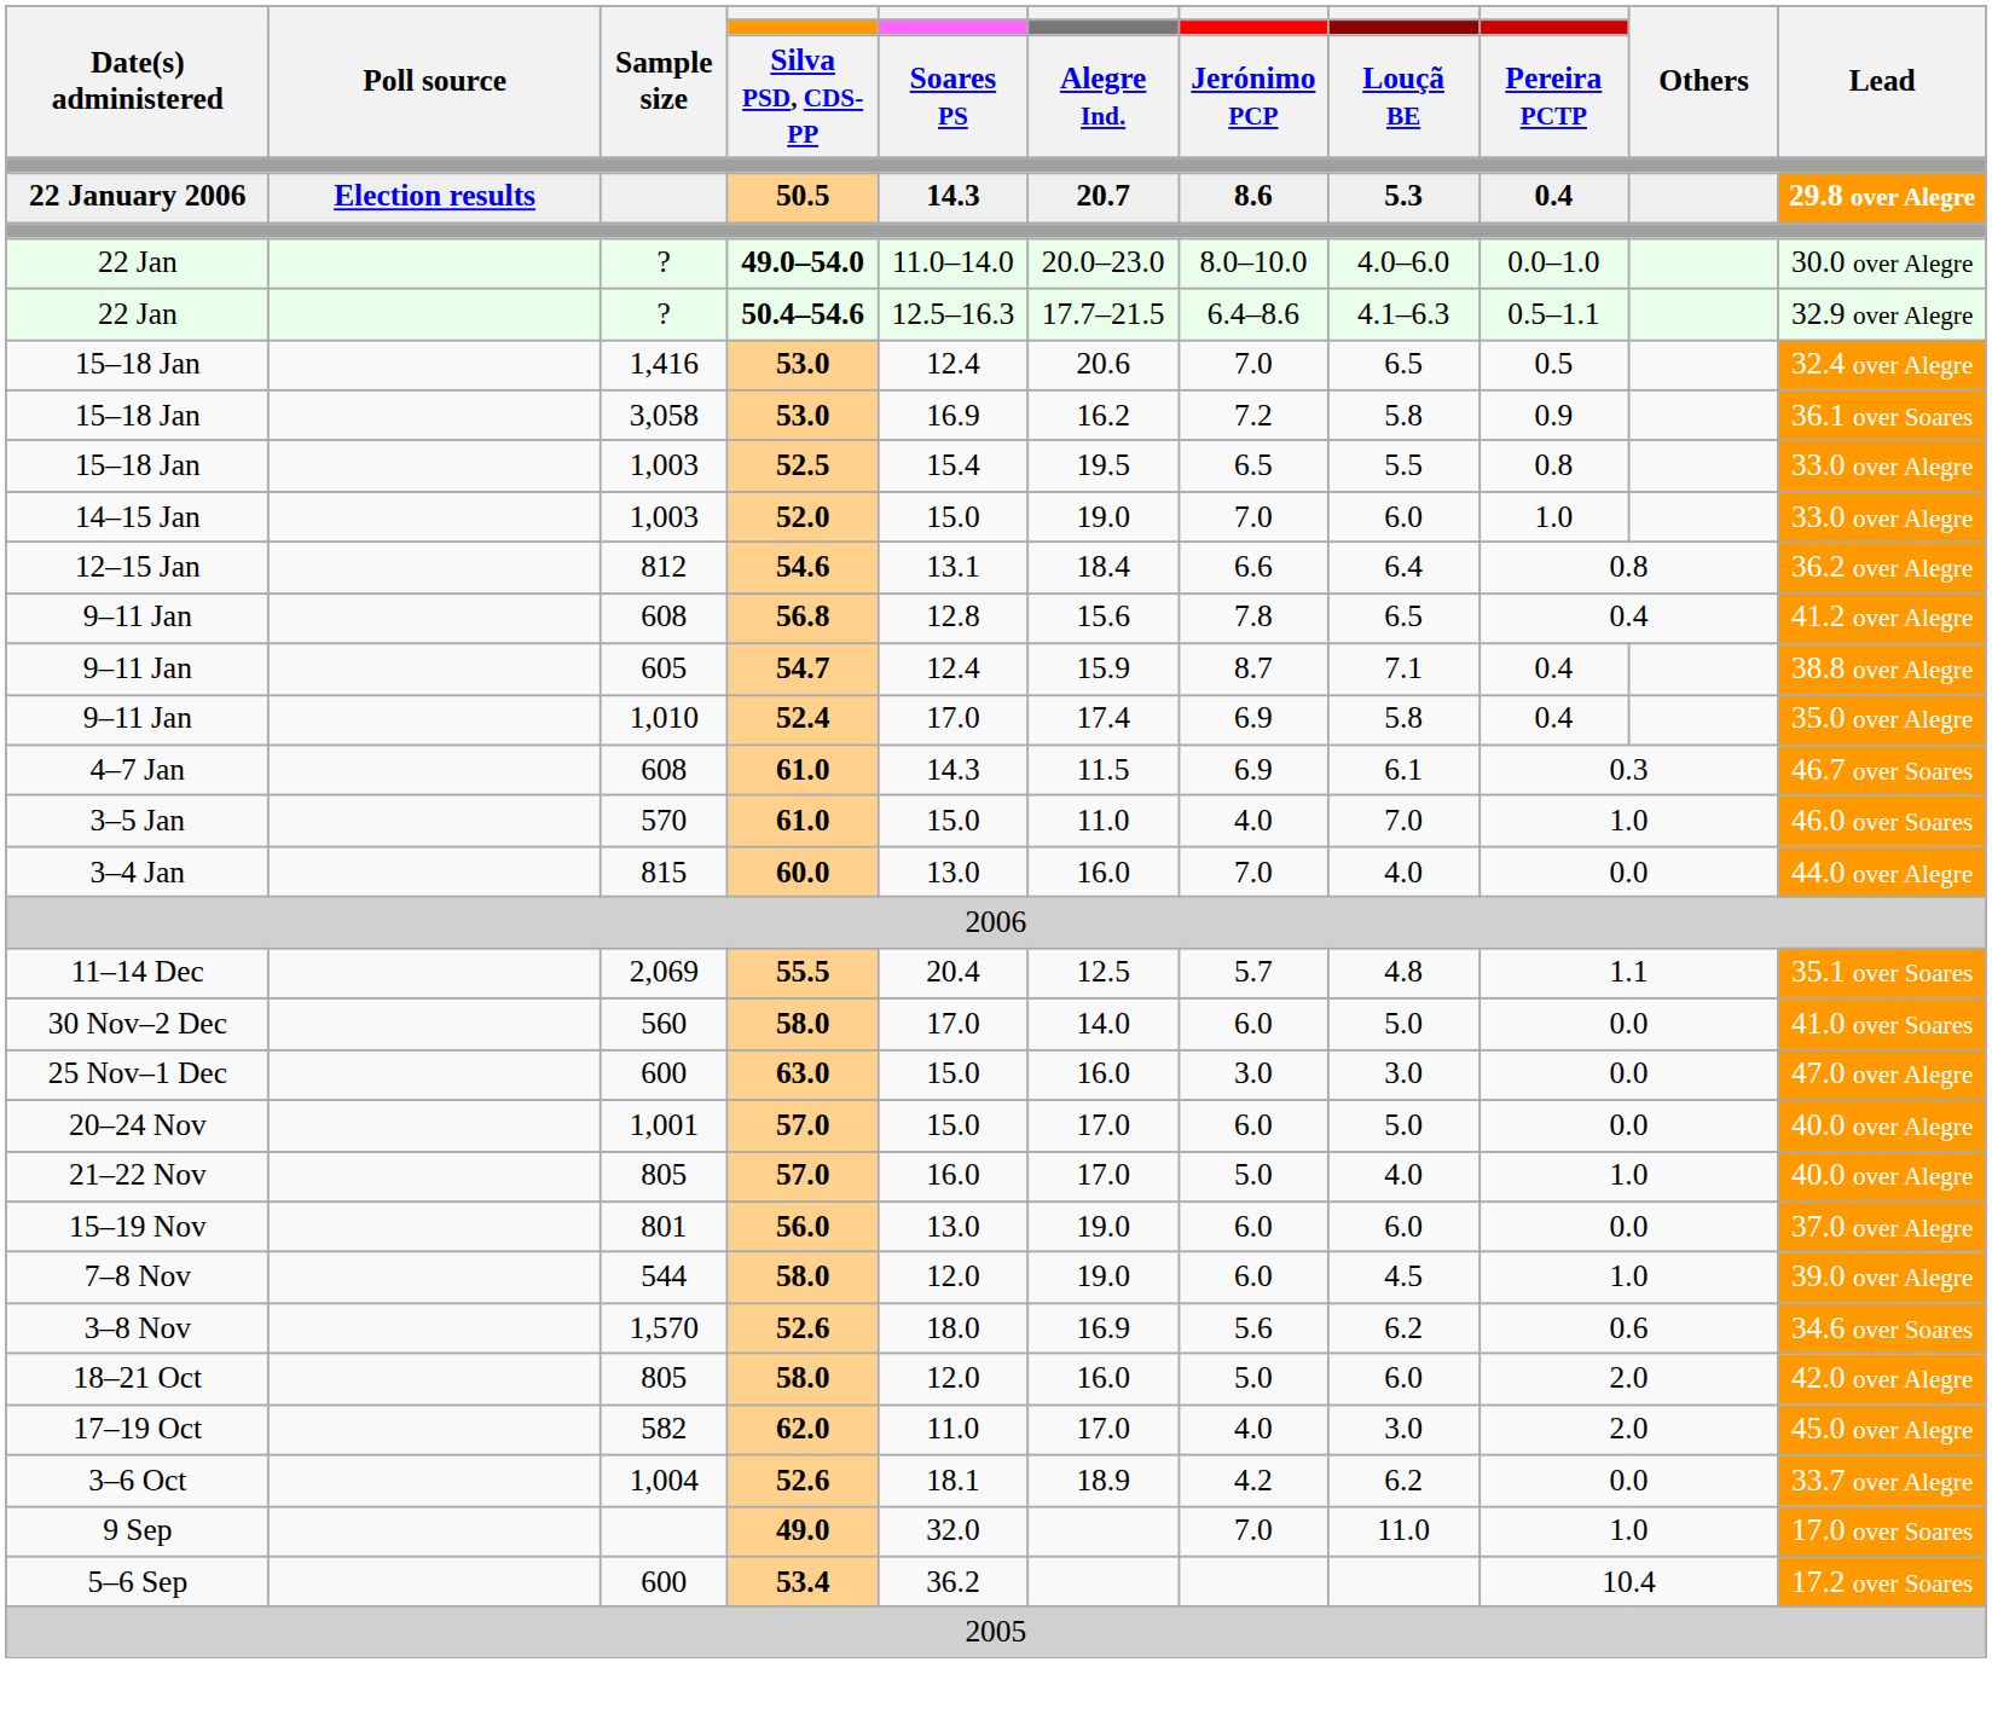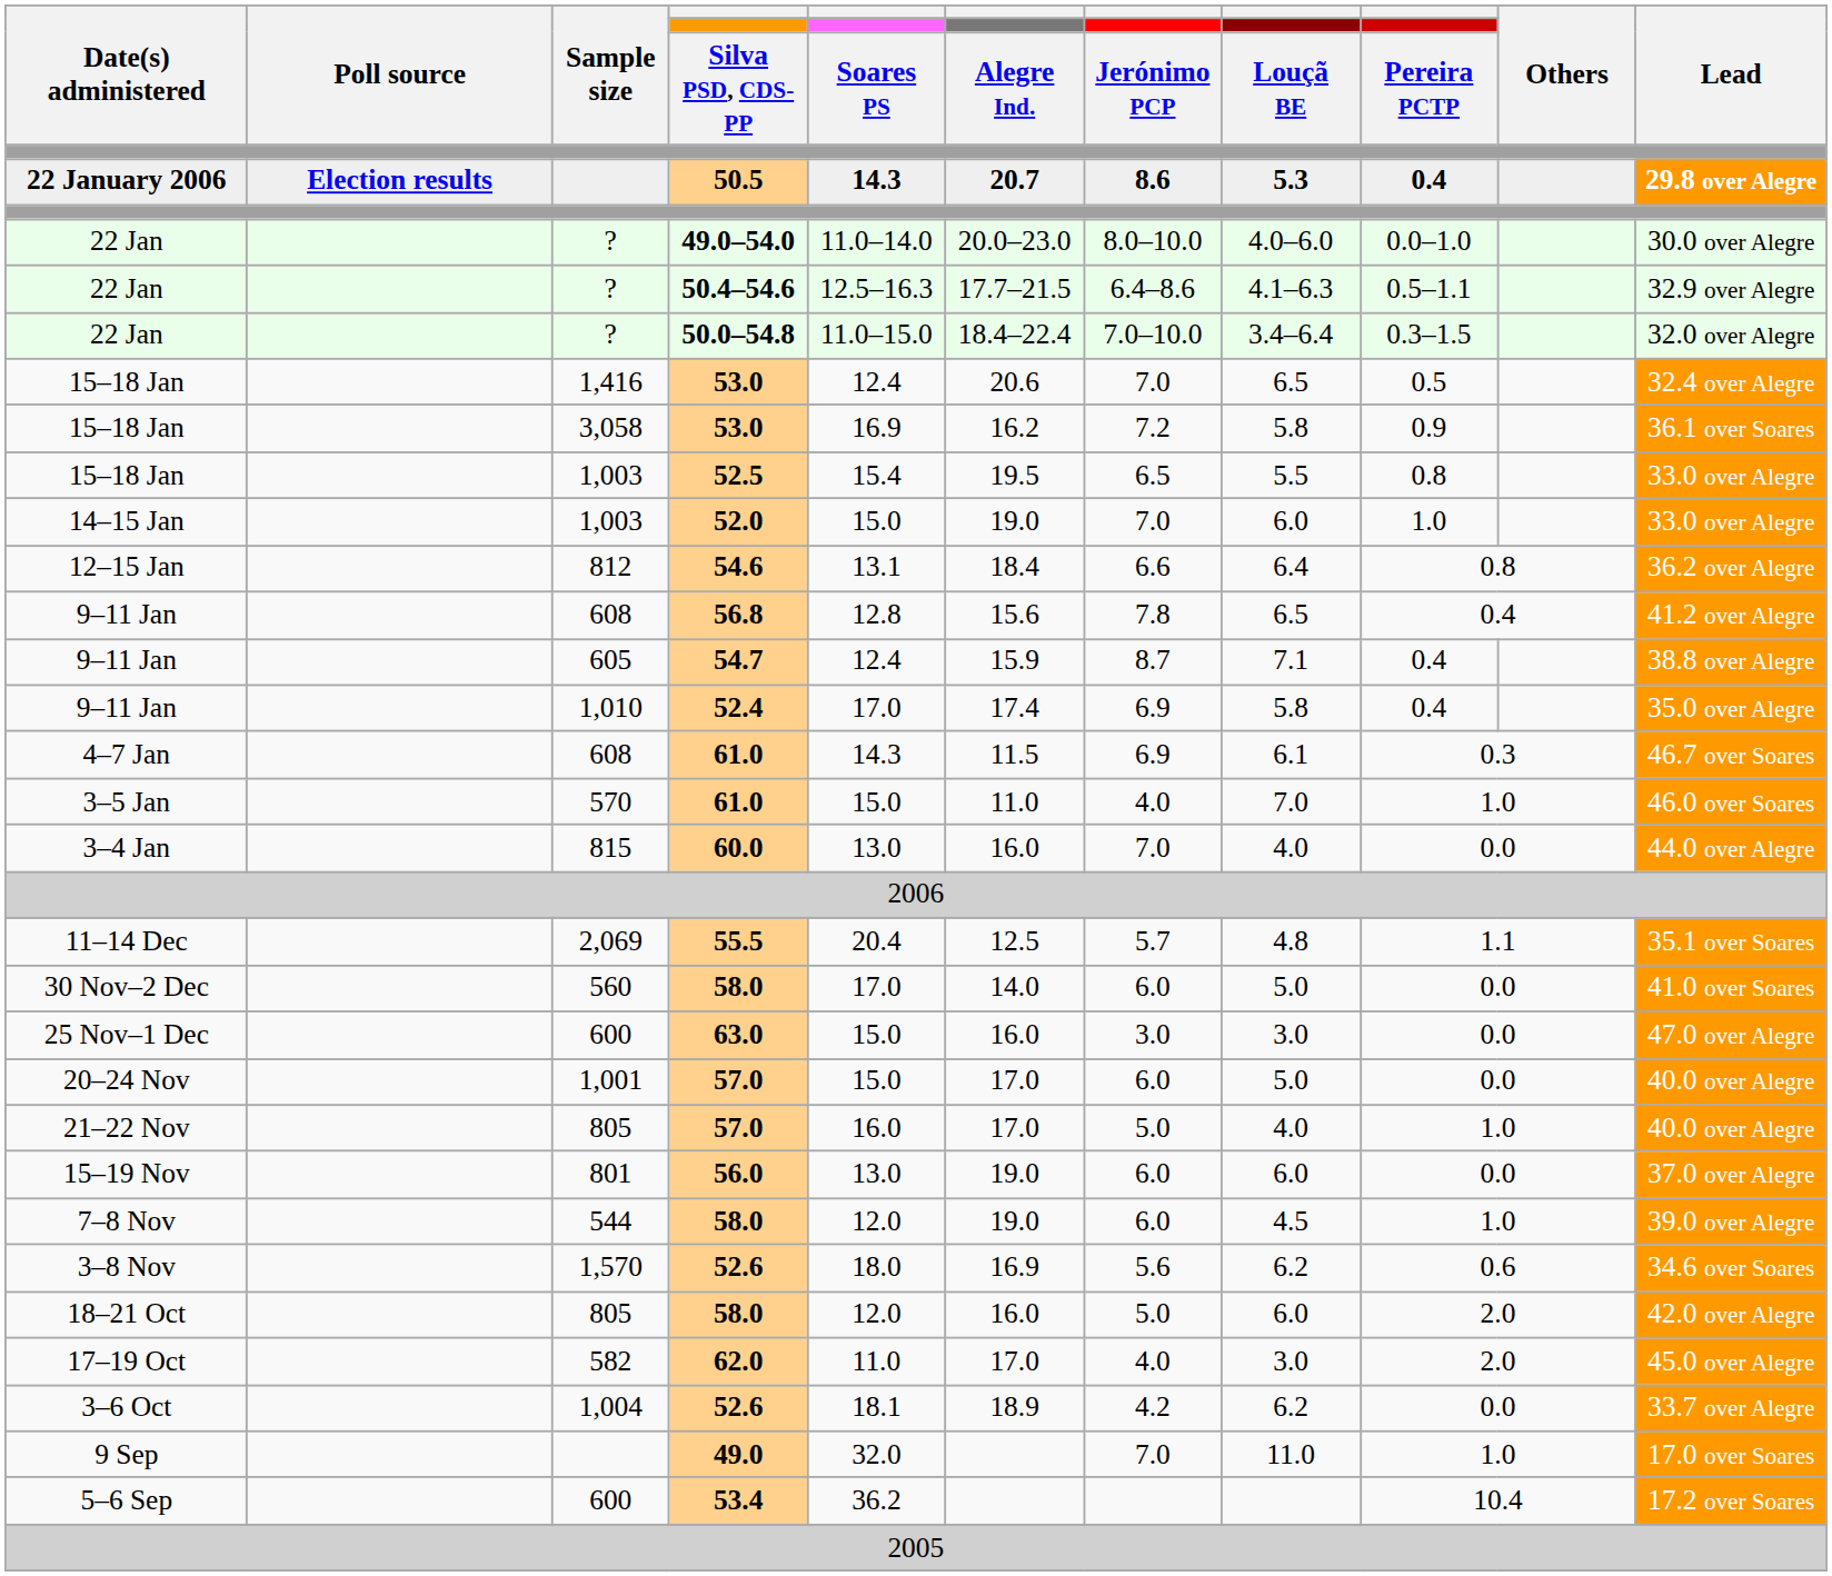 <table class="wikitable" style="text-align:center; font-size:85%; line-height:16px; margin-bottom:0">
 <tr bgcolor=lightgray>
 <th rowspan=3 width=110px>Date(s)<br>administered</th>
 <th rowspan=3 width=140px>Poll source</th>
 <th rowspan=3 width=50px>Sample size</th>
 <th width=60px></th>
 <th width=60px></th>
 <th width=60px></th>
 <th width=60px></th>
 <th width=60px></th>
 <th width=60px></th>
 <th rowspan=3 width=60px>Others</th>
 <th rowspan=3 width=85px>Lead</th>
 </tr>
 <tr>
 <td bgcolor=#FF9900></td>
 <td bgcolor=#FF66FF></td>
 <td bgcolor=#777777></td>
 <td bgcolor=red></td>
 <td bgcolor=#8B0000></td>
 <td bgcolor=#CC0000></td>
 </tr>
 <tr>
 <th><a href='#'>Silva</a><br><small><a href='#'>PSD</a>, <a href='#'>CDS-PP</a></small></th>
 <th><a href='#'>Soares</a><br><small><a href='#'>PS</a></small></th>
 <th><a href='#'>Alegre</a><br><small><a href='#'>Ind.</a></small></th>
 <th><a href='#'>Jerónimo</a><br><small><a href='#'>PCP</a></small></th>
 <th><a href='#'>Louçã</a><br><small><a href='#'>BE</a></small></th>
 <th><a href='#'>Pereira</a><br><small><a href='#'>PCTP</a></small></th>
 </tr>
 <tr>
 <td colspan="11" style="background:#A0A0A0"></td>
 </tr>
 <tr style="background:#EFEFEF; font-weight:bold;">
 <td>22 January 2006</td>
 <td><a href='#'>Election results</a></td>
 <td></td>
 <td style="background:#FFD18D">50.5</td>
 <td>14.3</td>
 <td>20.7</td>
 <td>8.6</td>
 <td>5.3</td>
 <td>0.4</td>
 <td></td>
 <td style="background:#FF9900; color:white">29.8 <small>over Alegre</small></td>
 </tr>
 <tr>
 <td colspan="11" style="background:#A0A0A0"></td>
 </tr>
 <tr style="background:#EAFFEA">
 <td>22 Jan</td>
 <td></td>
 <td>?</td>
 <td><strong>49.0–54.0</strong></td>
 <td>11.0–14.0</td>
 <td>20.0–23.0</td>
 <td>8.0–10.0</td>
 <td>4.0–6.0</td>
 <td>0.0–1.0</td>
 <td></td>
 <td style="background:">30.0 <small>over Alegre</small></td>
 </tr>
 <tr style="background:#EAFFEA">
 <td>22 Jan</td>
 <td></td>
 <td>?</td>
 <td><strong>50.4–54.6</strong></td>
 <td>12.5–16.3</td>
 <td>17.7–21.5</td>
 <td>6.4–8.6</td>
 <td>4.1–6.3</td>
 <td>0.5–1.1</td>
 <td></td>
 <td style="background:">32.9 <small>over Alegre</small></td>
+</tr>
+<tr style="background:#EAFFEA">
+<td>22 Jan</td>
+<td></td>
+<td>?</td>
+<td><strong>50.0–54.8</strong></td>
+<td>11.0–15.0</td>
+<td>18.4–22.4</td>
+<td>7.0–10.0</td>
+<td>3.4–6.4</td>
+<td>0.3–1.5</td>
+<td></td>
+<td style="background:">32.0 <small>over Alegre</small></td>
 </tr>
 <tr>
 <td>15–18 Jan</td>
 <td></td>
 <td>1,416</td>
 <td style="background:#FFD18D"><strong>53.0</strong></td>
 <td>12.4</td>
 <td>20.6</td>
 <td>7.0</td>
 <td>6.5</td>
 <td>0.5</td>
 <td></td>
 <td style="background:#FF9900; color:white">32.4 <small>over Alegre</small></td>
 </tr>
 <tr>
 <td>15–18 Jan</td>
 <td></td>
 <td>3,058</td>
 <td style="background:#FFD18D"><strong>53.0</strong></td>
 <td>16.9</td>
 <td>16.2</td>
 <td>7.2</td>
 <td>5.8</td>
 <td>0.9</td>
 <td></td>
 <td style="background:#FF9900; color:white">36.1 <small>over Soares</small></td>
 </tr>
 <tr>
 <td>15–18 Jan</td>
 <td></td>
 <td>1,003</td>
 <td style="background:#FFD18D"><strong>52.5</strong></td>
 <td>15.4</td>
 <td>19.5</td>
 <td>6.5</td>
 <td>5.5</td>
 <td>0.8</td>
 <td></td>
 <td style="background:#FF9900; color:white">33.0 <small>over Alegre</small></td>
 </tr>
 <tr>
 <td>14–15 Jan</td>
 <td></td>
 <td>1,003</td>
 <td style="background:#FFD18D"><strong>52.0</strong></td>
 <td>15.0</td>
 <td>19.0</td>
 <td>7.0</td>
 <td>6.0</td>
 <td>1.0</td>
 <td></td>
 <td style="background:#FF9900; color:white">33.0 <small>over Alegre</small></td>
 </tr>
 <tr>
 <td>12–15 Jan</td>
 <td></td>
 <td>812</td>
 <td style="background:#FFD18D"><strong>54.6</strong></td>
 <td>13.1</td>
 <td>18.4</td>
 <td>6.6</td>
 <td>6.4</td>
 <td colspan="2">0.8</td>
 <td style="background:#FF9900; color:white">36.2 <small>over Alegre</small></td>
 </tr>
 <tr>
 <td>9–11 Jan</td>
 <td></td>
 <td>608</td>
 <td style="background:#FFD18D"><strong>56.8</strong></td>
 <td>12.8</td>
 <td>15.6</td>
 <td>7.8</td>
 <td>6.5</td>
 <td colspan="2">0.4</td>
 <td style="background:#FF9900; color:white">41.2 <small>over Alegre</small></td>
 </tr>
 <tr>
 <td>9–11 Jan</td>
 <td></td>
 <td>605</td>
 <td style="background:#FFD18D"><strong>54.7</strong></td>
 <td>12.4</td>
 <td>15.9</td>
 <td>8.7</td>
 <td>7.1</td>
 <td>0.4</td>
 <td></td>
 <td style="background:#FF9900; color:white">38.8 <small>over Alegre</small></td>
 </tr>
 <tr>
 <td>9–11 Jan</td>
 <td></td>
 <td>1,010</td>
 <td style="background:#FFD18D"><strong>52.4</strong></td>
 <td>17.0</td>
 <td>17.4</td>
 <td>6.9</td>
 <td>5.8</td>
 <td>0.4</td>
 <td></td>
 <td style="background:#FF9900; color:white">35.0 <small>over Alegre</small></td>
 </tr>
 <tr>
 <td>4–7 Jan</td>
 <td></td>
 <td>608</td>
 <td style="background:#FFD18D"><strong>61.0</strong></td>
 <td>14.3</td>
 <td>11.5</td>
 <td>6.9</td>
 <td>6.1</td>
 <td colspan="2">0.3</td>
 <td style="background:#FF9900; color:white">46.7 <small>over Soares</small></td>
 </tr>
 <tr>
 <td>3–5 Jan</td>
 <td></td>
 <td>570</td>
 <td style="background:#FFD18D"><strong>61.0</strong></td>
 <td>15.0</td>
 <td>11.0</td>
 <td>4.0</td>
 <td>7.0</td>
 <td colspan="2">1.0</td>
 <td style="background:#FF9900; color:white">46.0 <small>over Soares</small></td>
 </tr>
 <tr>
 <td>3–4 Jan</td>
 <td></td>
 <td>815</td>
 <td style="background:#FFD18D"><strong>60.0</strong></td>
 <td>13.0</td>
 <td>16.0</td>
 <td>7.0</td>
 <td>4.0</td>
 <td colspan="2">0.0</td>
 <td style="background:#FF9900; color:white">44.0 <small>over Alegre</small></td>
 </tr>
 <tr>
 <td colspan="11" style="background:#D0D0D0; color:black">2006</td>
 </tr>
 <tr>
 <td>11–14 Dec</td>
 <td></td>
 <td>2,069</td>
 <td style="background:#FFD18D"><strong>55.5</strong></td>
 <td>20.4</td>
 <td>12.5</td>
 <td>5.7</td>
 <td>4.8</td>
 <td colspan="2">1.1</td>
 <td style="background:#FF9900; color:white">35.1 <small>over Soares</small></td>
 </tr>
 <tr>
 <td>30 Nov–2 Dec</td>
 <td></td>
 <td>560</td>
 <td style="background:#FFD18D"><strong>58.0</strong></td>
 <td>17.0</td>
 <td>14.0</td>
 <td>6.0</td>
 <td>5.0</td>
 <td colspan="2">0.0</td>
 <td style="background:#FF9900; color:white">41.0 <small>over Soares</small></td>
 </tr>
 <tr>
 <td>25 Nov–1 Dec</td>
 <td></td>
 <td>600</td>
 <td style="background:#FFD18D"><strong>63.0</strong></td>
 <td>15.0</td>
 <td>16.0</td>
 <td>3.0</td>
 <td>3.0</td>
 <td colspan="2">0.0</td>
 <td style="background:#FF9900; color:white">47.0 <small>over Alegre</small></td>
 </tr>
 <tr>
 <td>20–24 Nov</td>
 <td></td>
 <td>1,001</td>
 <td style="background:#FFD18D"><strong>57.0</strong></td>
 <td>15.0</td>
 <td>17.0</td>
 <td>6.0</td>
 <td>5.0</td>
 <td colspan="2">0.0</td>
 <td style="background:#FF9900; color:white">40.0 <small>over Alegre</small></td>
 </tr>
 <tr>
 <td>21–22 Nov</td>
 <td></td>
 <td>805</td>
 <td style="background:#FFD18D"><strong>57.0</strong></td>
 <td>16.0</td>
 <td>17.0</td>
 <td>5.0</td>
 <td>4.0</td>
 <td colspan="2">1.0</td>
 <td style="background:#FF9900; color:white">40.0 <small>over Alegre</small></td>
 </tr>
 <tr>
 <td>15–19 Nov</td>
 <td></td>
 <td>801</td>
 <td style="background:#FFD18D"><strong>56.0</strong></td>
 <td>13.0</td>
 <td>19.0</td>
 <td>6.0</td>
 <td>6.0</td>
 <td colspan="2">0.0</td>
 <td style="background:#FF9900; color:white">37.0 <small>over Alegre</small></td>
 </tr>
 <tr>
 <td>7–8 Nov</td>
 <td></td>
 <td>544</td>
 <td style="background:#FFD18D"><strong>58.0</strong></td>
 <td>12.0</td>
 <td>19.0</td>
 <td>6.0</td>
 <td>4.5</td>
 <td colspan="2">1.0</td>
 <td style="background:#FF9900; color:white">39.0 <small>over Alegre</small></td>
 </tr>
 <tr>
 <td>3–8 Nov</td>
 <td></td>
 <td>1,570</td>
 <td style="background:#FFD18D"><strong>52.6</strong></td>
 <td>18.0</td>
 <td>16.9</td>
 <td>5.6</td>
 <td>6.2</td>
 <td colspan="2">0.6</td>
 <td style="background:#FF9900; color:white">34.6 <small>over Soares</small></td>
 </tr>
 <tr>
 <td>18–21 Oct</td>
 <td></td>
 <td>805</td>
 <td style="background:#FFD18D"><strong>58.0</strong></td>
 <td>12.0</td>
 <td>16.0</td>
 <td>5.0</td>
 <td>6.0</td>
 <td colspan="2">2.0</td>
 <td style="background:#FF9900; color:white">42.0 <small>over Alegre</small></td>
 </tr>
 <tr>
 <td>17–19 Oct</td>
 <td></td>
 <td>582</td>
 <td style="background:#FFD18D"><strong>62.0</strong></td>
 <td>11.0</td>
 <td>17.0</td>
 <td>4.0</td>
 <td>3.0</td>
 <td colspan="2">2.0</td>
 <td style="background:#FF9900; color:white">45.0 <small>over Alegre</small></td>
 </tr>
 <tr>
 <td>3–6 Oct</td>
 <td></td>
 <td>1,004</td>
 <td style="background:#FFD18D"><strong>52.6</strong></td>
 <td>18.1</td>
 <td>18.9</td>
 <td>4.2</td>
 <td>6.2</td>
 <td colspan="2">0.0</td>
 <td style="background:#FF9900; color:white">33.7 <small>over Alegre</small></td>
 </tr>
 <tr>
 <td>9 Sep</td>
 <td></td>
 <td></td>
 <td style="background:#FFD18D"><strong>49.0</strong></td>
 <td>32.0</td>
 <td></td>
 <td>7.0</td>
 <td>11.0</td>
 <td colspan="2">1.0</td>
 <td style="background:#FF9900; color:white">17.0 <small>over Soares</small></td>
 </tr>
 <tr>
 <td>5–6 Sep</td>
 <td></td>
 <td>600</td>
 <td style="background:#FFD18D"><strong>53.4</strong></td>
 <td>36.2</td>
 <td></td>
 <td></td>
 <td></td>
 <td colspan="2">10.4</td>
 <td style="background:#FF9900; color:white">17.2 <small>over Soares</small></td>
 </tr>
 <tr>
 <td colspan="11" style="background:#D0D0D0; color:black">2005</td>
 </tr>
 </table>
